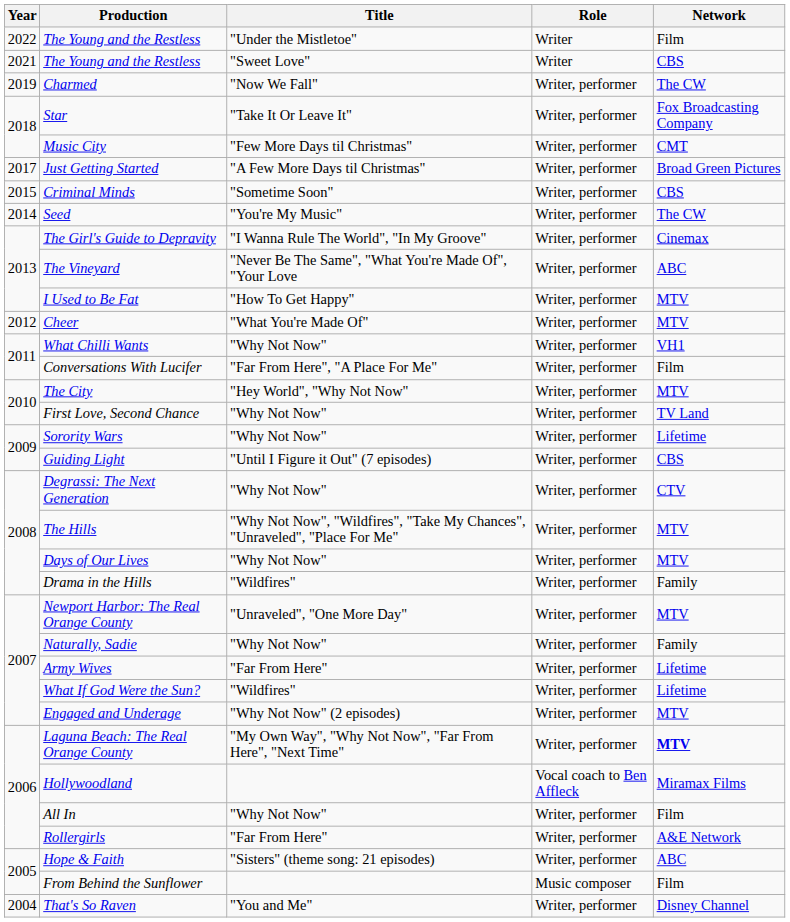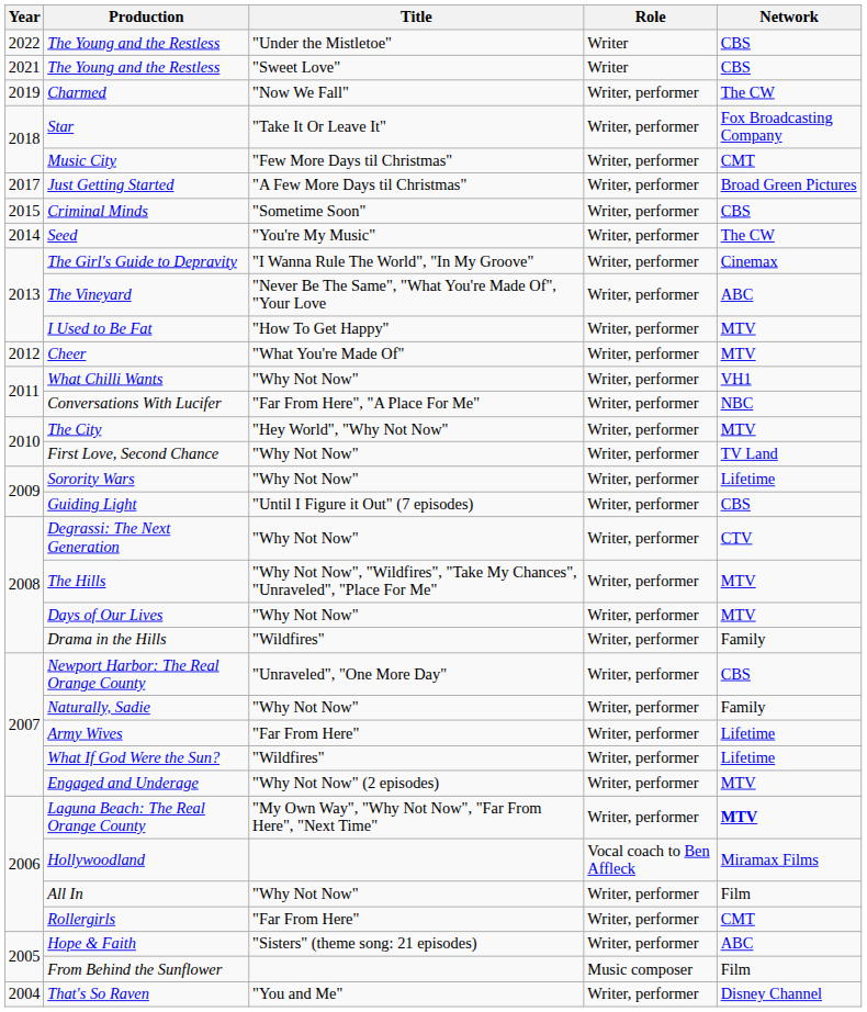 <table class="wikitable">
 <tr>
 <th>Year</th>
 <th>Production</th>
 <th>Title</th>
 <th>Role</th>
 <th>Network</th>
 </tr>
 <tr>
 <td rowspan="1">2022</td>
 <td><em><a href='#'>The Young and the Restless</a></em></td>
 <td>"Under the Mistletoe"</td>
 <td>Writer</td>
-<td>Film</td>
+<td><a href='#'>CBS</a></td>
 </tr>
 <tr>
 <td rowspan="1">2021</td>
 <td><em><a href='#'>The Young and the Restless</a></em></td>
 <td>"Sweet Love"</td>
 <td>Writer</td>
 <td><a href='#'>CBS</a></td>
 </tr>
 <tr>
 <td rowspan="1">2019</td>
 <td><em><a href='#'>Charmed</a></em></td>
 <td>"Now We Fall"</td>
 <td>Writer, performer</td>
 <td><a href='#'>The CW</a></td>
 </tr>
 <tr>
 <td rowspan="2">2018</td>
 <td><em><a href='#'>Star</a></em></td>
 <td>"Take It Or Leave It"</td>
 <td>Writer, performer</td>
 <td><a href='#'>Fox Broadcasting Company</a></td>
 </tr>
 <tr>
 <td><em><a href='#'>Music City</a></em></td>
 <td>"Few More Days til Christmas"</td>
 <td>Writer, performer</td>
 <td><a href='#'>CMT</a></td>
 </tr>
 <tr>
 <td rowspan="1">2017</td>
 <td><em><a href='#'>Just Getting Started</a></em></td>
 <td>"A Few More Days til Christmas"</td>
 <td>Writer, performer</td>
 <td><a href='#'>Broad Green Pictures</a></td>
 </tr>
 <tr>
 <td rowspan="1">2015</td>
 <td><em><a href='#'>Criminal Minds</a></em></td>
 <td>"Sometime Soon"</td>
 <td>Writer, performer</td>
 <td><a href='#'>CBS</a></td>
 </tr>
 <tr>
 <td rowspan="1">2014</td>
 <td><em><a href='#'>Seed</a></em></td>
 <td>"You're My Music"</td>
 <td>Writer, performer</td>
 <td><a href='#'>The CW</a></td>
 </tr>
 <tr>
 <td rowspan="3">2013</td>
 <td><em><a href='#'>The Girl's Guide to Depravity</a></em></td>
 <td>"I Wanna Rule The World", "In My Groove"</td>
 <td>Writer, performer</td>
 <td><a href='#'>Cinemax</a></td>
 </tr>
 <tr>
 <td><em><a href='#'>The Vineyard</a></em></td>
 <td>"Never Be The Same", "What You're Made Of", "Your Love</td>
 <td>Writer, performer</td>
 <td><a href='#'>ABC</a></td>
 </tr>
 <tr>
 <td><em><a href='#'>I Used to Be Fat</a></em></td>
 <td>"How To Get Happy"</td>
 <td>Writer, performer</td>
 <td><a href='#'>MTV</a></td>
 </tr>
 <tr>
 <td rowspan="1">2012</td>
 <td><em><a href='#'>Cheer</a></em></td>
 <td>"What You're Made Of"</td>
 <td>Writer, performer</td>
 <td><a href='#'>MTV</a></td>
 </tr>
 <tr>
 <td rowspan="2">2011</td>
 <td><em><a href='#'>What Chilli Wants</a></em></td>
 <td>"Why Not Now"</td>
 <td>Writer, performer</td>
 <td><a href='#'>VH1</a></td>
 </tr>
 <tr>
 <td><em>Conversations With Lucifer</em></td>
 <td>"Far From Here", "A Place For Me"</td>
 <td>Writer, performer</td>
-<td>Film</td>
+<td><a href='#'>NBC</a></td>
 </tr>
 <tr>
 <td rowspan="2">2010</td>
 <td><em><a href='#'>The City</a></em></td>
 <td>"Hey World", "Why Not Now"</td>
 <td>Writer, performer</td>
 <td><a href='#'>MTV</a></td>
 </tr>
 <tr>
 <td><em>First Love, Second Chance</em></td>
 <td>"Why Not Now"</td>
 <td>Writer, performer</td>
 <td><a href='#'>TV Land</a></td>
 </tr>
 <tr>
 <td rowspan="2">2009</td>
 <td><em><a href='#'>Sorority Wars</a></em></td>
 <td>"Why Not Now"</td>
 <td>Writer, performer</td>
 <td><a href='#'>Lifetime</a></td>
 </tr>
 <tr>
 <td><em><a href='#'>Guiding Light</a></em></td>
 <td>"Until I Figure it Out" (7 episodes)</td>
 <td>Writer, performer</td>
 <td><a href='#'>CBS</a></td>
 </tr>
 <tr>
 <td rowspan="4">2008</td>
 <td><em><a href='#'>Degrassi: The Next Generation</a></em></td>
 <td>"Why Not Now"</td>
 <td>Writer, performer</td>
 <td><a href='#'>CTV</a></td>
 </tr>
 <tr>
 <td><em><a href='#'>The Hills</a></em></td>
 <td>"Why Not Now", "Wildfires", "Take My Chances", "Unraveled", "Place For Me"</td>
 <td>Writer, performer</td>
 <td><a href='#'>MTV</a></td>
 </tr>
 <tr>
 <td><em><a href='#'>Days of Our Lives</a></em></td>
 <td>"Why Not Now"</td>
 <td>Writer, performer</td>
 <td><a href='#'>MTV</a></td>
 </tr>
 <tr>
 <td><em>Drama in the Hills</em></td>
 <td>"Wildfires"</td>
 <td>Writer, performer</td>
 <td>Family</td>
 </tr>
 <tr>
 <td rowspan="5">2007</td>
 <td><em><a href='#'>Newport Harbor: The Real Orange County</a></em></td>
 <td>"Unraveled", "One More Day"</td>
 <td>Writer, performer</td>
-<td><a href='#'>MTV</a></td>
+<td><a href='#'>CBS</a></td>
 </tr>
 <tr>
 <td><em><a href='#'>Naturally, Sadie</a></em></td>
 <td>"Why Not Now"</td>
 <td>Writer, performer</td>
 <td>Family</td>
 </tr>
 <tr>
 <td><em><a href='#'>Army Wives</a></em></td>
 <td>"Far From Here"</td>
 <td>Writer, performer</td>
 <td><a href='#'>Lifetime</a></td>
 </tr>
 <tr>
 <td><em><a href='#'>What If God Were the Sun?</a></em></td>
 <td>"Wildfires"</td>
 <td>Writer, performer</td>
 <td><a href='#'>Lifetime</a></td>
 </tr>
 <tr>
 <td><em><a href='#'>Engaged and Underage</a></em></td>
 <td>"Why Not Now" (2 episodes)</td>
 <td>Writer, performer</td>
 <td><a href='#'>MTV</a></td>
 </tr>
 <tr>
 <td rowspan="4">2006</td>
 <td><em><a href='#'>Laguna Beach: The Real Orange County</a></em></td>
 <td>"My Own Way", "Why Not Now", "Far From Here", "Next Time"</td>
 <td>Writer, performer</td>
 <td><strong><a href='#'>MTV</a></strong></td>
 </tr>
 <tr>
 <td><em><a href='#'>Hollywoodland</a></em></td>
 <td></td>
 <td>Vocal coach to <a href='#'>Ben Affleck</a></td>
 <td><a href='#'>Miramax Films</a></td>
 </tr>
 <tr>
 <td><em>All In</em></td>
 <td>"Why Not Now"</td>
 <td>Writer, performer</td>
 <td>Film</td>
 </tr>
 <tr>
 <td><em><a href='#'>Rollergirls</a></em></td>
 <td>"Far From Here"</td>
 <td>Writer, performer</td>
-<td><a href='#'>A&E Network</a></td>
+<td><a href='#'>CMT</a></td>
 </tr>
 <tr>
 <td rowspan="2">2005</td>
 <td><em><a href='#'>Hope & Faith</a></em></td>
 <td>"Sisters" (theme song: 21 episodes)</td>
 <td>Writer, performer</td>
 <td><a href='#'>ABC</a></td>
 </tr>
 <tr>
 <td><em>From Behind the Sunflower</em></td>
 <td></td>
 <td>Music composer</td>
 <td>Film</td>
 </tr>
 <tr>
 <td rowspan="1">2004</td>
 <td><em><a href='#'>That's So Raven</a></em></td>
 <td>"You and Me"</td>
 <td>Writer, performer</td>
 <td><a href='#'>Disney Channel</a></td>
 </tr>
 </table>
